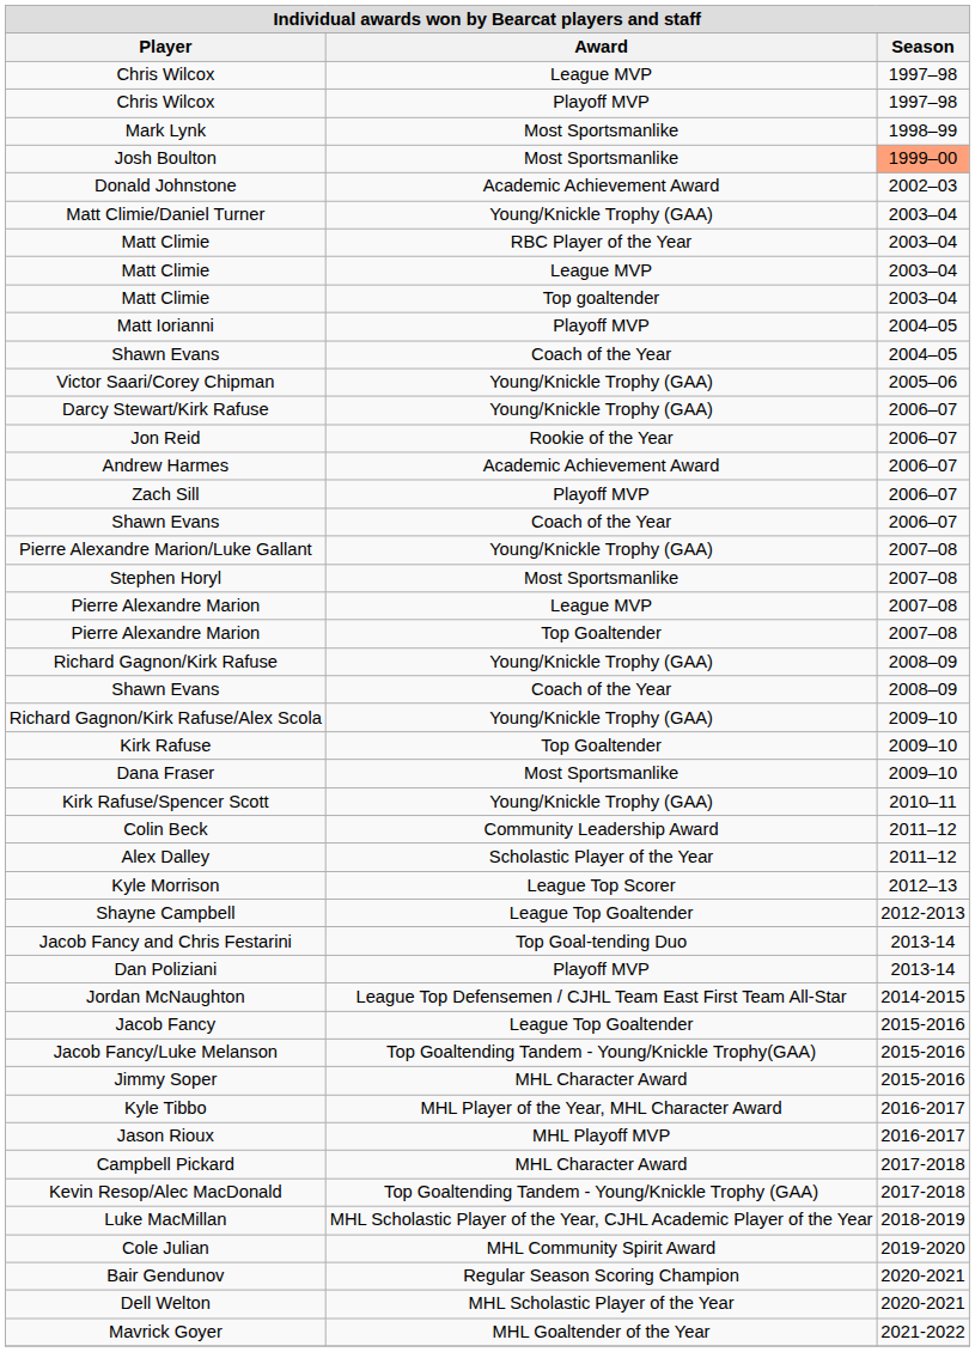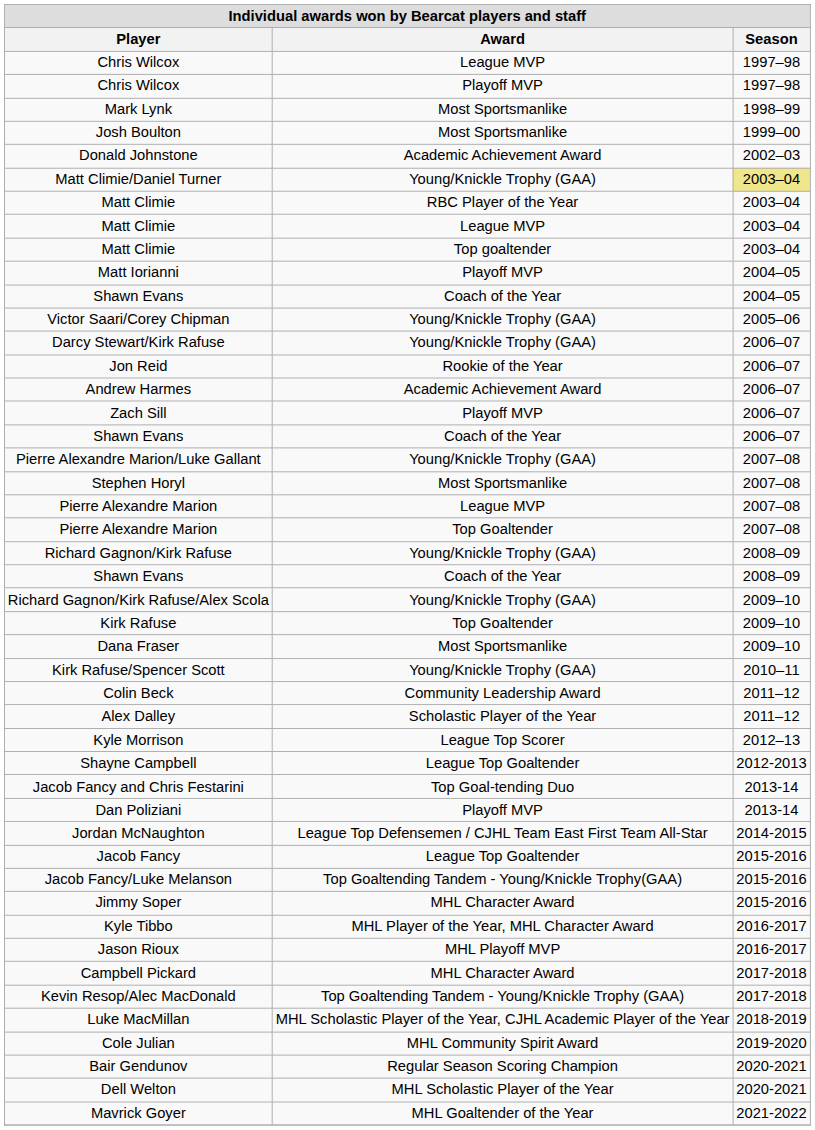 <table class="wikitable">
 <tr align="center"  bgcolor="#dddddd">
 <td colspan="3"><strong>Individual awards won by Bearcat players and staff</strong></td>
 </tr>
 <tr>
 <th>Player</th>
 <th>Award</th>
 <th>Season</th>
 </tr>
 <tr align="center">
 <td>Chris Wilcox</td>
 <td>League MVP</td>
 <td>1997–98</td>
 </tr>
 <tr align="center">
 <td>Chris Wilcox</td>
 <td>Playoff MVP</td>
 <td>1997–98</td>
 </tr>
 <tr align="center">
 <td>Mark Lynk</td>
 <td>Most Sportsmanlike</td>
 <td>1998–99</td>
 </tr>
 <tr align="center">
 <td>Josh Boulton</td>
 <td>Most Sportsmanlike</td>
-<td style="background: lightsalmon;">1999–00</td>
+<td>1999–00</td>
 </tr>
 <tr align="center">
 <td>Donald Johnstone</td>
 <td>Academic Achievement Award</td>
 <td>2002–03</td>
 </tr>
 <tr align="center">
 <td>Matt Climie/Daniel Turner</td>
 <td>Young/Knickle Trophy (GAA)</td>
-<td>2003–04</td>
+<td style="background: khaki;">2003–04</td>
 </tr>
 <tr align="center">
 <td>Matt Climie</td>
 <td>RBC Player of the Year</td>
 <td>2003–04</td>
 </tr>
 <tr align="center">
 <td>Matt Climie</td>
 <td>League MVP</td>
 <td>2003–04</td>
 </tr>
 <tr align="center">
 <td>Matt Climie</td>
 <td>Top goaltender</td>
 <td>2003–04</td>
 </tr>
 <tr align="center">
 <td>Matt Iorianni</td>
 <td>Playoff MVP</td>
 <td>2004–05</td>
 </tr>
 <tr align="center">
 <td>Shawn Evans</td>
 <td>Coach of the Year</td>
 <td>2004–05</td>
 </tr>
 <tr align="center">
 <td>Victor Saari/Corey Chipman</td>
 <td>Young/Knickle Trophy (GAA)</td>
 <td>2005–06</td>
 </tr>
 <tr align="center">
 <td>Darcy Stewart/Kirk Rafuse</td>
 <td>Young/Knickle Trophy (GAA)</td>
 <td>2006–07</td>
 </tr>
 <tr align="center">
 <td>Jon Reid</td>
 <td>Rookie of the Year</td>
 <td>2006–07</td>
 </tr>
 <tr align="center">
 <td>Andrew Harmes</td>
 <td>Academic Achievement Award</td>
 <td>2006–07</td>
 </tr>
 <tr align="center">
 <td>Zach Sill</td>
 <td>Playoff MVP</td>
 <td>2006–07</td>
 </tr>
 <tr align="center">
 <td>Shawn Evans</td>
 <td>Coach of the Year</td>
 <td>2006–07</td>
 </tr>
 <tr align="center">
 <td>Pierre Alexandre Marion/Luke Gallant</td>
 <td>Young/Knickle Trophy (GAA)</td>
 <td>2007–08</td>
 </tr>
 <tr align="center">
 <td>Stephen Horyl</td>
 <td>Most Sportsmanlike</td>
 <td>2007–08</td>
 </tr>
 <tr align="center">
 <td>Pierre Alexandre Marion</td>
 <td>League MVP</td>
 <td>2007–08</td>
 </tr>
 <tr align="center">
 <td>Pierre Alexandre Marion</td>
 <td>Top Goaltender</td>
 <td>2007–08</td>
 </tr>
 <tr align="center">
 <td>Richard Gagnon/Kirk Rafuse</td>
 <td>Young/Knickle Trophy (GAA)</td>
 <td>2008–09</td>
 </tr>
 <tr align="center">
 <td>Shawn Evans</td>
 <td>Coach of the Year</td>
 <td>2008–09</td>
 </tr>
 <tr align="center">
 <td>Richard Gagnon/Kirk Rafuse/Alex Scola</td>
 <td>Young/Knickle Trophy (GAA)</td>
 <td>2009–10</td>
 </tr>
 <tr align="center">
 <td>Kirk Rafuse</td>
 <td>Top Goaltender</td>
 <td>2009–10</td>
 </tr>
 <tr align="center">
 <td>Dana Fraser</td>
 <td>Most Sportsmanlike</td>
 <td>2009–10</td>
 </tr>
 <tr align="center">
 <td>Kirk Rafuse/Spencer Scott</td>
 <td>Young/Knickle Trophy (GAA)</td>
 <td>2010–11</td>
 </tr>
 <tr align="center">
 <td>Colin Beck</td>
 <td>Community Leadership Award</td>
 <td>2011–12</td>
 </tr>
 <tr align="center">
 <td>Alex Dalley</td>
 <td>Scholastic Player of the Year</td>
 <td>2011–12</td>
 </tr>
 <tr align="center">
 <td>Kyle Morrison</td>
 <td>League Top Scorer</td>
 <td>2012–13</td>
 </tr>
 <tr align="center">
 <td>Shayne Campbell</td>
 <td>League Top Goaltender</td>
 <td>2012-2013</td>
 </tr>
 <tr align="center">
 <td>Jacob Fancy and Chris Festarini</td>
 <td>Top Goal-tending Duo</td>
 <td>2013-14</td>
 </tr>
 <tr align="center">
 <td>Dan Poliziani</td>
 <td>Playoff MVP</td>
 <td>2013-14</td>
 </tr>
 <tr align="center">
 <td>Jordan McNaughton</td>
 <td>League Top Defensemen / CJHL Team East First Team All-Star</td>
 <td>2014-2015</td>
 </tr>
 <tr align="center">
 <td>Jacob Fancy</td>
 <td>League Top Goaltender</td>
 <td>2015-2016 </td>
 </tr>
 <tr align="center">
 <td>Jacob Fancy/Luke Melanson</td>
 <td>Top Goaltending Tandem - Young/Knickle Trophy(GAA)</td>
 <td>2015-2016 </td>
 </tr>
 <tr align="center">
 <td>Jimmy Soper</td>
 <td>MHL Character Award</td>
 <td>2015-2016 </td>
 </tr>
 <tr align="center">
 <td>Kyle Tibbo</td>
 <td>MHL Player of the Year, MHL Character Award</td>
 <td>2016-2017 </td>
 </tr>
 <tr align="center">
 <td>Jason Rioux</td>
 <td>MHL Playoff MVP</td>
 <td>2016-2017 </td>
 </tr>
 <tr align="center">
 <td>Campbell Pickard</td>
 <td>MHL Character Award</td>
 <td>2017-2018 </td>
 </tr>
 <tr align="center">
 <td>Kevin Resop/Alec MacDonald</td>
 <td>Top Goaltending Tandem - Young/Knickle Trophy (GAA)</td>
 <td>2017-2018 </td>
 </tr>
 <tr align="center">
 <td>Luke MacMillan</td>
 <td>MHL Scholastic Player of the Year, CJHL Academic Player of the Year</td>
 <td>2018-2019 </td>
 </tr>
 <tr align="center">
 <td>Cole Julian</td>
 <td>MHL Community Spirit Award</td>
 <td>2019-2020 </td>
 </tr>
 <tr align="center">
 <td>Bair Gendunov</td>
 <td>Regular Season Scoring Champion</td>
 <td>2020-2021 </td>
 </tr>
 <tr align="center">
 <td>Dell Welton</td>
 <td>MHL Scholastic Player of the Year</td>
 <td>2020-2021 </td>
 </tr>
 <tr align="center">
 <td>Mavrick Goyer</td>
 <td>MHL Goaltender of the Year</td>
 <td>2021-2022 </td>
 </tr>
 <tr align="center">
 </tr>
 </table>
